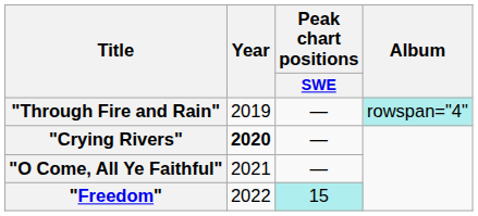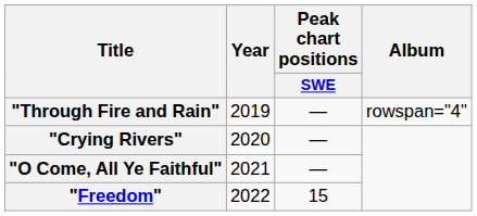 <table class="wikitable plainrowheaders" style="text-align:center;">
 <tr>
 <th scope="col" rowspan="2">Title</th>
 <th scope="col" rowspan="2">Year</th>
 <th scope="col" colspan="1">Peak chart positions</th>
 <th scope="col" rowspan="2">Album</th>
 </tr>
 <tr>
 <th scope="col" style="width:3em;font-size:85%;"><a href='#'>SWE</a><br></th>
 </tr>
 <tr>
 <th scope="row">"Through Fire and Rain"</th>
 <td>2019</td>
 <td>—</td>
-<td style="background: paleturquoise;">rowspan="4" </td>
+<td>rowspan="4" </td>
 </tr>
 <tr>
 <th scope="row">"Crying Rivers"</th>
-<td><strong>2020</strong></td>
+<td>2020</td>
 <td>—</td>
 </tr>
 <tr>
 <th scope="row">"O Come, All Ye Faithful"</th>
 <td>2021</td>
 <td>—</td>
 </tr>
 <tr>
 <th scope="row">"<a href='#'>Freedom</a>"</th>
 <td>2022</td>
-<td style="background: paleturquoise;">15</td>
+<td>15</td>
 </tr>
 </table>
